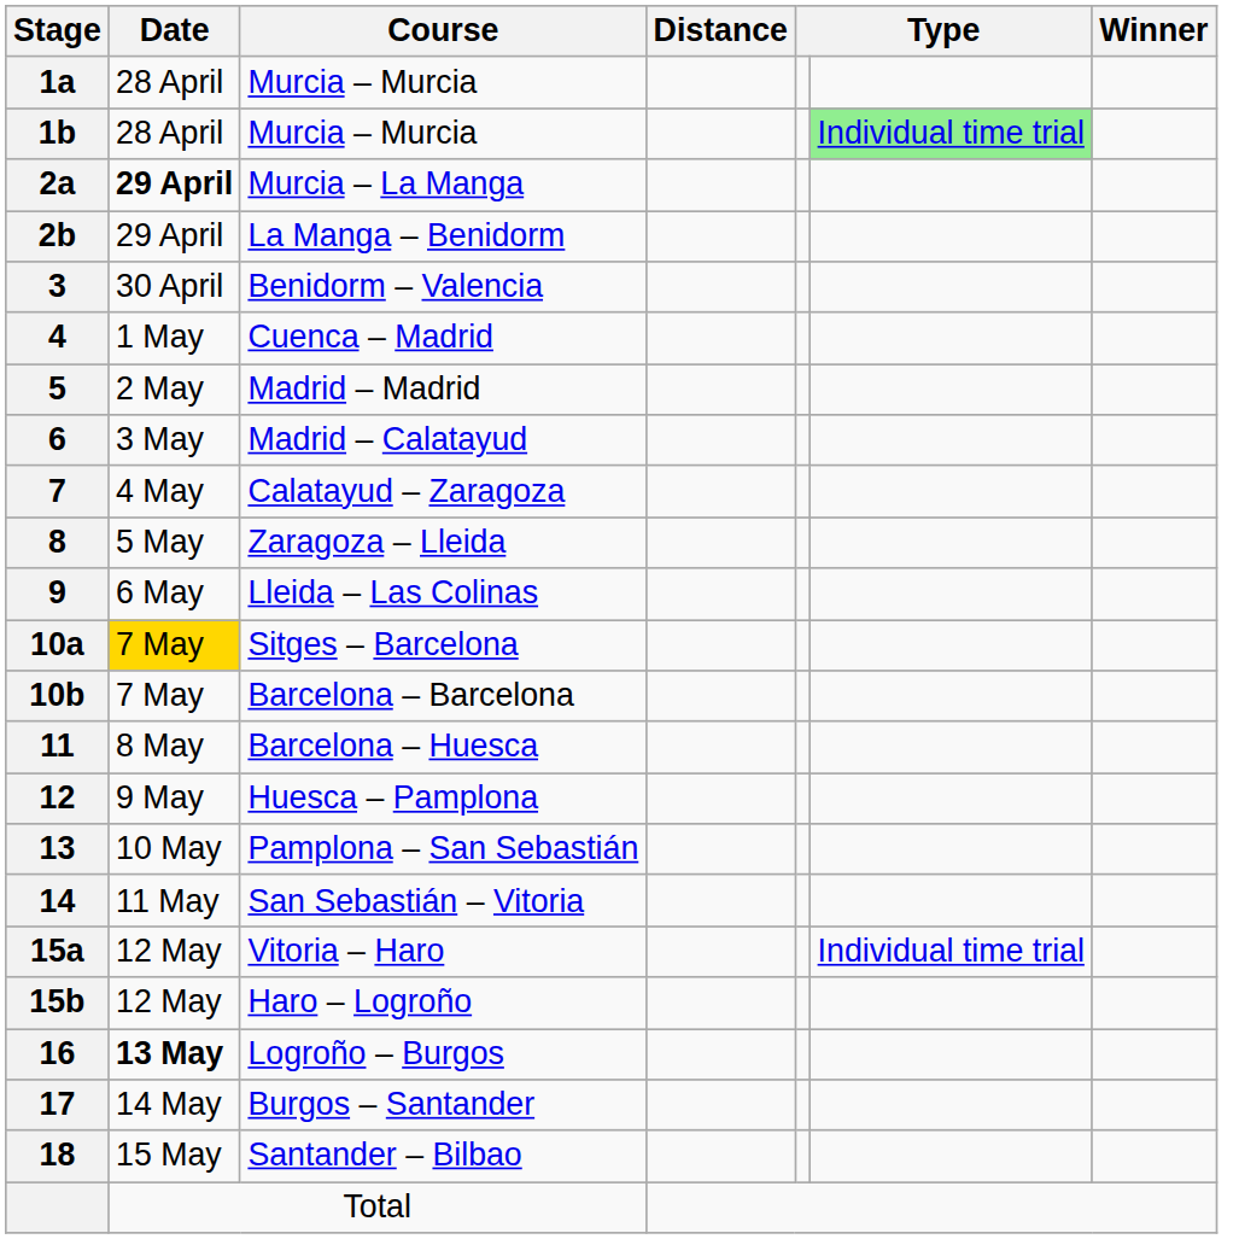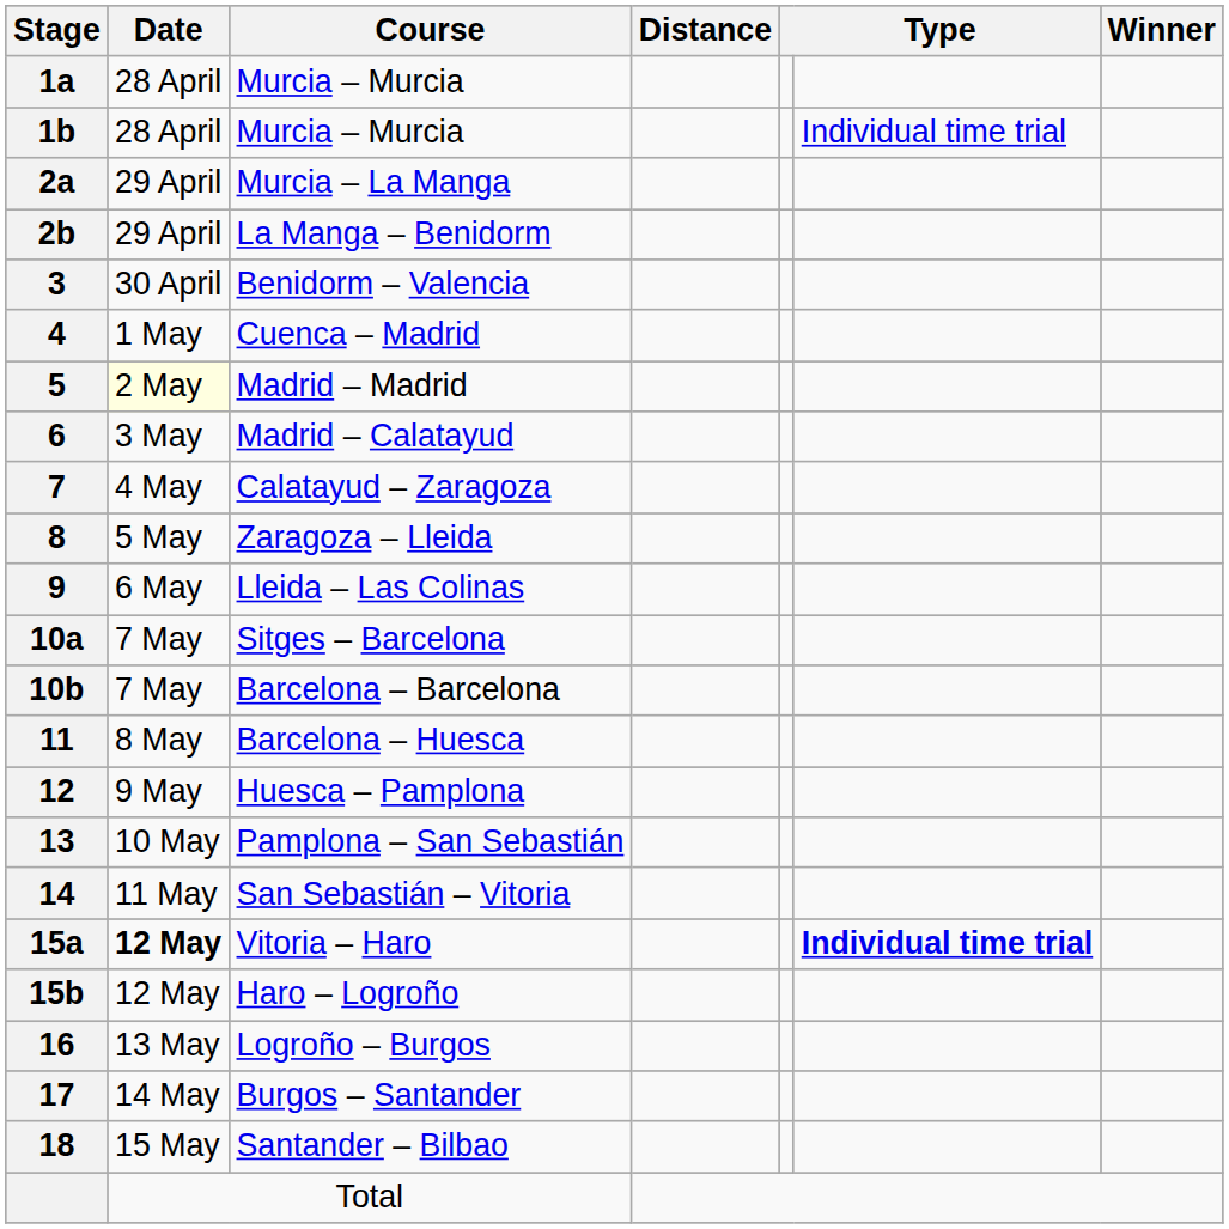 <table class="wikitable">
 <tr>
 <th scope="col">Stage</th>
 <th scope="col">Date</th>
 <th scope="col">Course</th>
 <th scope="col">Distance</th>
 <th scope="col" colspan="2">Type</th>
 <th scope="col">Winner</th>
 </tr>
 <tr>
 <th scope="row">1a</th>
 <td>28 April</td>
 <td><a href='#'>Murcia</a> – Murcia</td>
 <td style="text-align:center;"></td>
 <td></td>
 <td></td>
 <td></td>
 </tr>
 <tr>
 <th scope="row">1b</th>
 <td>28 April</td>
 <td><a href='#'>Murcia</a> – Murcia</td>
 <td style="text-align:center;"></td>
 <td></td>
-<td style="background: lightgreen;"><a href='#'>Individual time trial</a></td>
+<td><a href='#'>Individual time trial</a></td>
 <td></td>
 </tr>
 <tr>
 <th scope="row">2a</th>
-<td><strong>29 April</strong></td>
+<td>29 April</td>
 <td><a href='#'>Murcia</a> – <a href='#'>La Manga</a></td>
 <td style="text-align:center;"></td>
 <td></td>
 <td></td>
 <td></td>
 </tr>
 <tr>
 <th scope="row">2b</th>
 <td>29 April</td>
 <td><a href='#'>La Manga</a> – <a href='#'>Benidorm</a></td>
 <td style="text-align:center;"></td>
 <td></td>
 <td></td>
 <td></td>
 </tr>
 <tr>
 <th scope="row">3</th>
 <td>30 April</td>
 <td><a href='#'>Benidorm</a> – <a href='#'>Valencia</a></td>
 <td style="text-align:center;"></td>
 <td></td>
 <td></td>
 <td></td>
 </tr>
 <tr>
 <th scope="row">4</th>
 <td>1 May</td>
 <td><a href='#'>Cuenca</a> – <a href='#'>Madrid</a></td>
 <td style="text-align:center;"></td>
 <td></td>
 <td></td>
 <td></td>
 </tr>
 <tr>
 <th scope="row">5</th>
-<td>2 May</td>
+<td style="background: lightyellow;">2 May</td>
 <td><a href='#'>Madrid</a> – Madrid</td>
 <td style="text-align:center;"></td>
 <td></td>
 <td></td>
 <td></td>
 </tr>
 <tr>
 <th scope="row">6</th>
 <td>3 May</td>
 <td><a href='#'>Madrid</a> – <a href='#'>Calatayud</a></td>
 <td style="text-align:center;"></td>
 <td></td>
 <td></td>
 <td></td>
 </tr>
 <tr>
 <th scope="row">7</th>
 <td>4 May</td>
 <td><a href='#'>Calatayud</a> – <a href='#'>Zaragoza</a></td>
 <td style="text-align:center;"></td>
 <td></td>
 <td></td>
 <td></td>
 </tr>
 <tr>
 <th scope="row">8</th>
 <td>5 May</td>
 <td><a href='#'>Zaragoza</a> – <a href='#'>Lleida</a></td>
 <td style="text-align:center;"></td>
 <td></td>
 <td></td>
 <td></td>
 </tr>
 <tr>
 <th scope="row">9</th>
 <td>6 May</td>
 <td><a href='#'>Lleida</a> – <a href='#'>Las Colinas</a></td>
 <td style="text-align:center;"></td>
 <td></td>
 <td></td>
 <td></td>
 </tr>
 <tr>
 <th scope="row">10a</th>
-<td style="background: gold;">7 May</td>
+<td>7 May</td>
 <td><a href='#'>Sitges</a> – <a href='#'>Barcelona</a></td>
 <td style="text-align:center;"></td>
 <td></td>
 <td></td>
 <td></td>
 </tr>
 <tr>
 <th scope="row">10b</th>
 <td>7 May</td>
 <td><a href='#'>Barcelona</a> – Barcelona</td>
 <td style="text-align:center;"></td>
 <td></td>
 <td></td>
 <td></td>
 </tr>
 <tr>
 <th scope="row">11</th>
 <td>8 May</td>
 <td><a href='#'>Barcelona</a> – <a href='#'>Huesca</a></td>
 <td style="text-align:center;"></td>
 <td></td>
 <td></td>
 <td></td>
 </tr>
 <tr>
 <th scope="row">12</th>
 <td>9 May</td>
 <td><a href='#'>Huesca</a> – <a href='#'>Pamplona</a></td>
 <td style="text-align:center;"></td>
 <td></td>
 <td></td>
 <td></td>
 </tr>
 <tr>
 <th scope="row">13</th>
 <td>10 May</td>
 <td><a href='#'>Pamplona</a> – <a href='#'>San Sebastián</a></td>
 <td style="text-align:center;"></td>
 <td></td>
 <td></td>
 <td></td>
 </tr>
 <tr>
 <th scope="row">14</th>
 <td>11 May</td>
 <td><a href='#'>San Sebastián</a> – <a href='#'>Vitoria</a></td>
 <td style="text-align:center;"></td>
 <td></td>
 <td></td>
 <td></td>
 </tr>
 <tr>
 <th scope="row">15a</th>
-<td>12 May</td>
+<td><strong>12 May</strong></td>
 <td><a href='#'>Vitoria</a> – <a href='#'>Haro</a></td>
 <td style="text-align:center;"></td>
 <td></td>
-<td><a href='#'>Individual time trial</a></td>
+<td><strong><a href='#'>Individual time trial</a></strong></td>
 <td></td>
 </tr>
 <tr>
 <th scope="row">15b</th>
 <td>12 May</td>
 <td><a href='#'>Haro</a> – <a href='#'>Logroño</a></td>
 <td style="text-align:center;"></td>
 <td></td>
 <td></td>
 <td></td>
 </tr>
 <tr>
 <th scope="row">16</th>
-<td><strong>13 May</strong></td>
+<td>13 May</td>
 <td><a href='#'>Logroño</a> – <a href='#'>Burgos</a></td>
 <td style="text-align:center;"></td>
 <td></td>
 <td></td>
 <td></td>
 </tr>
 <tr>
 <th scope="row">17</th>
 <td>14 May</td>
 <td><a href='#'>Burgos</a> – <a href='#'>Santander</a></td>
 <td style="text-align:center;"></td>
 <td></td>
 <td></td>
 <td></td>
 </tr>
 <tr>
 <th scope="row">18</th>
 <td>15 May</td>
 <td><a href='#'>Santander</a> – <a href='#'>Bilbao</a></td>
 <td style="text-align:center;"></td>
 <td></td>
 <td></td>
 <td></td>
 </tr>
 <tr>
 <th scope="row"></th>
 <td colspan="2" style="text-align:center">Total</td>
 <td colspan="4" style="text-align:center"></td>
 </tr>
 </table>
